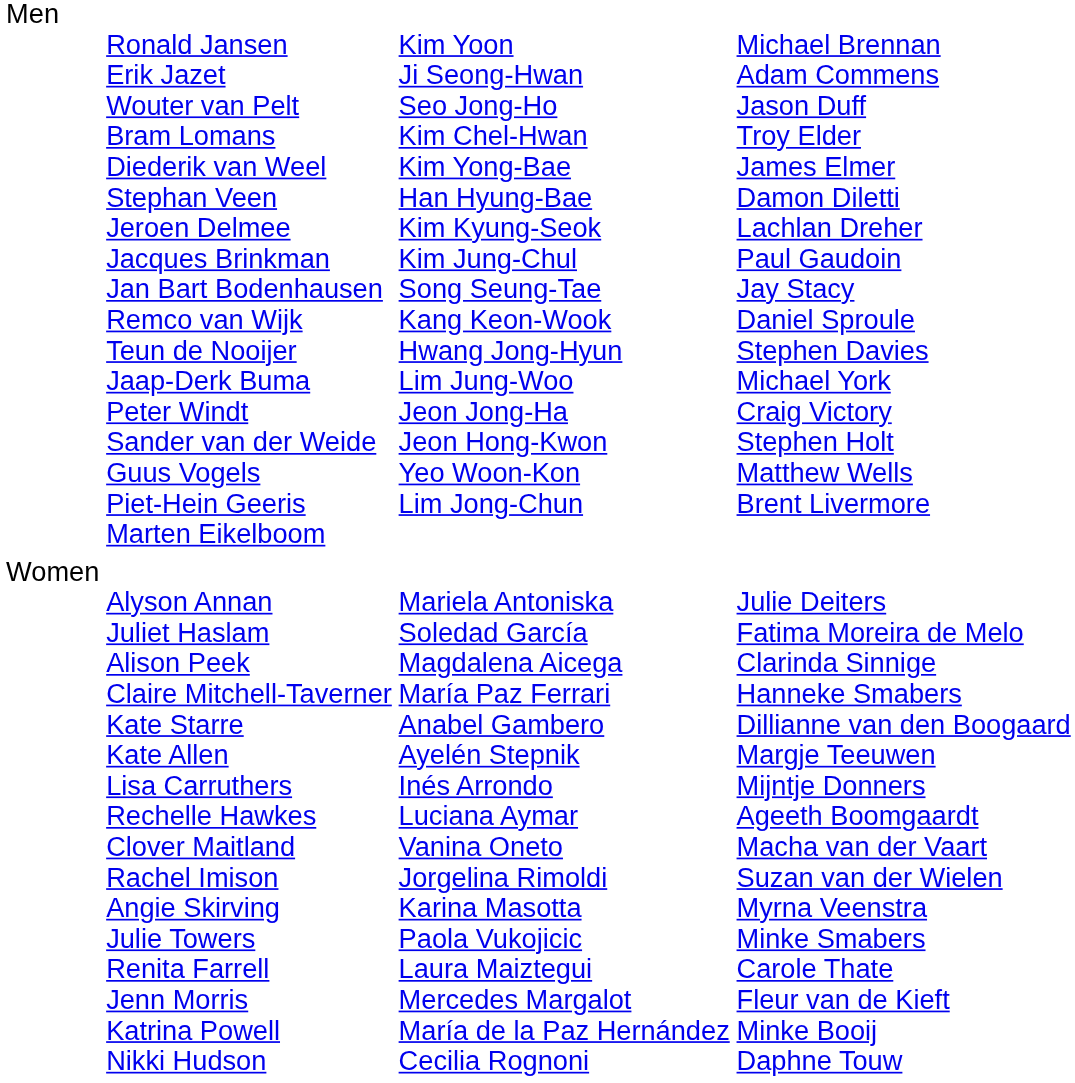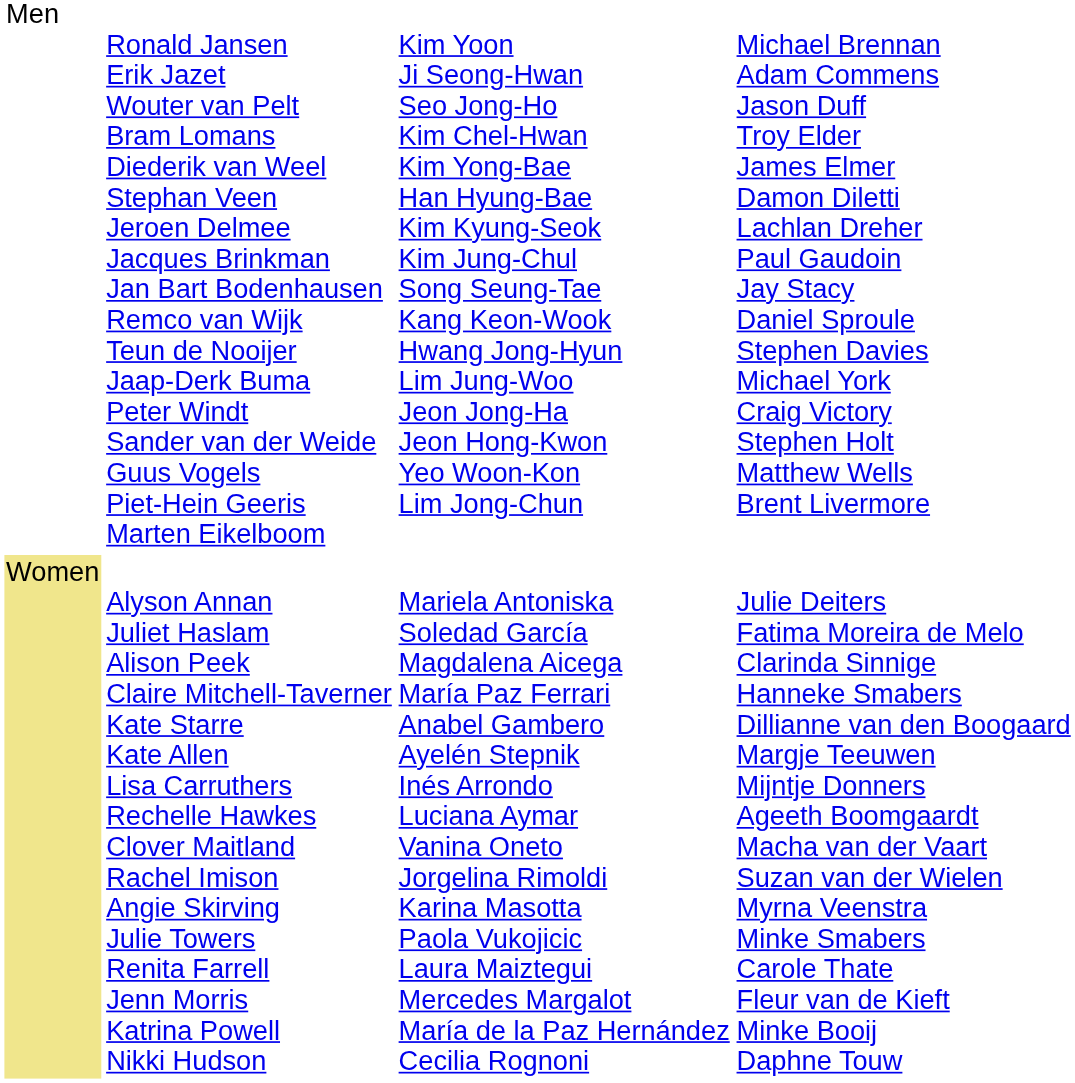 <table>
 <tr valign=top>
 <td>Men<br></td>
 <td><br><a href='#'>Ronald Jansen</a><br><a href='#'>Erik Jazet</a><br><a href='#'>Wouter van Pelt</a><br><a href='#'>Bram Lomans</a><br><a href='#'>Diederik van Weel</a><br><a href='#'>Stephan Veen</a><br><a href='#'>Jeroen Delmee</a><br><a href='#'>Jacques Brinkman</a><br> <a href='#'>Jan Bart Bodenhausen</a><br><a href='#'>Remco van Wijk</a><br><a href='#'>Teun de Nooijer</a><br><a href='#'>Jaap-Derk Buma</a><br><a href='#'>Peter Windt</a><br><a href='#'>Sander van der Weide</a><br><a href='#'>Guus Vogels</a><br><a href='#'>Piet-Hein Geeris</a><br><a href='#'>Marten Eikelboom</a></td>
 <td><br><a href='#'>Kim Yoon</a><br><a href='#'>Ji Seong-Hwan</a><br><a href='#'>Seo Jong-Ho</a><br><a href='#'>Kim Chel-Hwan</a><br><a href='#'>Kim Yong-Bae</a><br><a href='#'>Han Hyung-Bae</a><br><a href='#'>Kim Kyung-Seok</a><br><a href='#'>Kim Jung-Chul</a><br><a href='#'>Song Seung-Tae</a><br><a href='#'>Kang Keon-Wook</a><br><a href='#'>Hwang Jong-Hyun</a><br><a href='#'>Lim Jung-Woo</a><br><a href='#'>Jeon Jong-Ha</a><br><a href='#'>Jeon Hong-Kwon</a><br><a href='#'>Yeo Woon-Kon</a><br><a href='#'>Lim Jong-Chun</a></td>
 <td><br><a href='#'>Michael Brennan</a><br><a href='#'>Adam Commens</a><br><a href='#'>Jason Duff</a><br><a href='#'>Troy Elder</a><br><a href='#'>James Elmer</a><br><a href='#'>Damon Diletti</a><br><a href='#'>Lachlan Dreher</a><br><a href='#'>Paul Gaudoin</a><br><a href='#'>Jay Stacy</a><br><a href='#'>Daniel Sproule</a><br><a href='#'>Stephen Davies</a><br><a href='#'>Michael York</a><br><a href='#'>Craig Victory</a><br><a href='#'>Stephen Holt</a><br><a href='#'>Matthew Wells</a><br><a href='#'>Brent Livermore</a></td>
 </tr>
 <tr valign=top>
-<td>Women<br></td>
+<td style="background: khaki;">Women<br></td>
 <td><br><a href='#'>Alyson Annan</a><br><a href='#'>Juliet Haslam</a><br><a href='#'>Alison Peek</a><br><a href='#'>Claire Mitchell-Taverner</a><br><a href='#'>Kate Starre</a><br><a href='#'>Kate Allen</a><br><a href='#'>Lisa Carruthers</a><br><a href='#'>Rechelle Hawkes</a><br><a href='#'>Clover Maitland</a><br><a href='#'>Rachel Imison</a><br><a href='#'>Angie Skirving</a><br><a href='#'>Julie Towers</a><br><a href='#'>Renita Farrell</a><br><a href='#'>Jenn Morris</a><br><a href='#'>Katrina Powell</a><br><a href='#'>Nikki Hudson</a></td>
 <td><br><a href='#'>Mariela Antoniska</a><br><a href='#'>Soledad García</a><br><a href='#'>Magdalena Aicega</a><br><a href='#'>María Paz Ferrari</a><br><a href='#'>Anabel Gambero</a><br><a href='#'>Ayelén Stepnik</a><br><a href='#'>Inés Arrondo</a><br><a href='#'>Luciana Aymar</a><br><a href='#'>Vanina Oneto</a><br><a href='#'>Jorgelina Rimoldi</a><br><a href='#'>Karina Masotta</a><br><a href='#'>Paola Vukojicic</a><br><a href='#'>Laura Maiztegui</a><br><a href='#'>Mercedes Margalot</a><br><a href='#'>María de la Paz Hernández</a><br><a href='#'>Cecilia Rognoni</a></td>
 <td><br><a href='#'>Julie Deiters</a><br><a href='#'>Fatima Moreira de Melo</a><br><a href='#'>Clarinda Sinnige</a><br><a href='#'>Hanneke Smabers</a><br><a href='#'>Dillianne van den Boogaard</a><br><a href='#'>Margje Teeuwen</a><br><a href='#'>Mijntje Donners</a><br><a href='#'>Ageeth Boomgaardt</a><br><a href='#'>Macha van der Vaart</a><br><a href='#'>Suzan van der Wielen</a><br><a href='#'>Myrna Veenstra</a><br><a href='#'>Minke Smabers</a><br><a href='#'>Carole Thate</a><br><a href='#'>Fleur van de Kieft</a><br><a href='#'>Minke Booij</a><br><a href='#'>Daphne Touw</a></td>
 </tr>
 </table>
